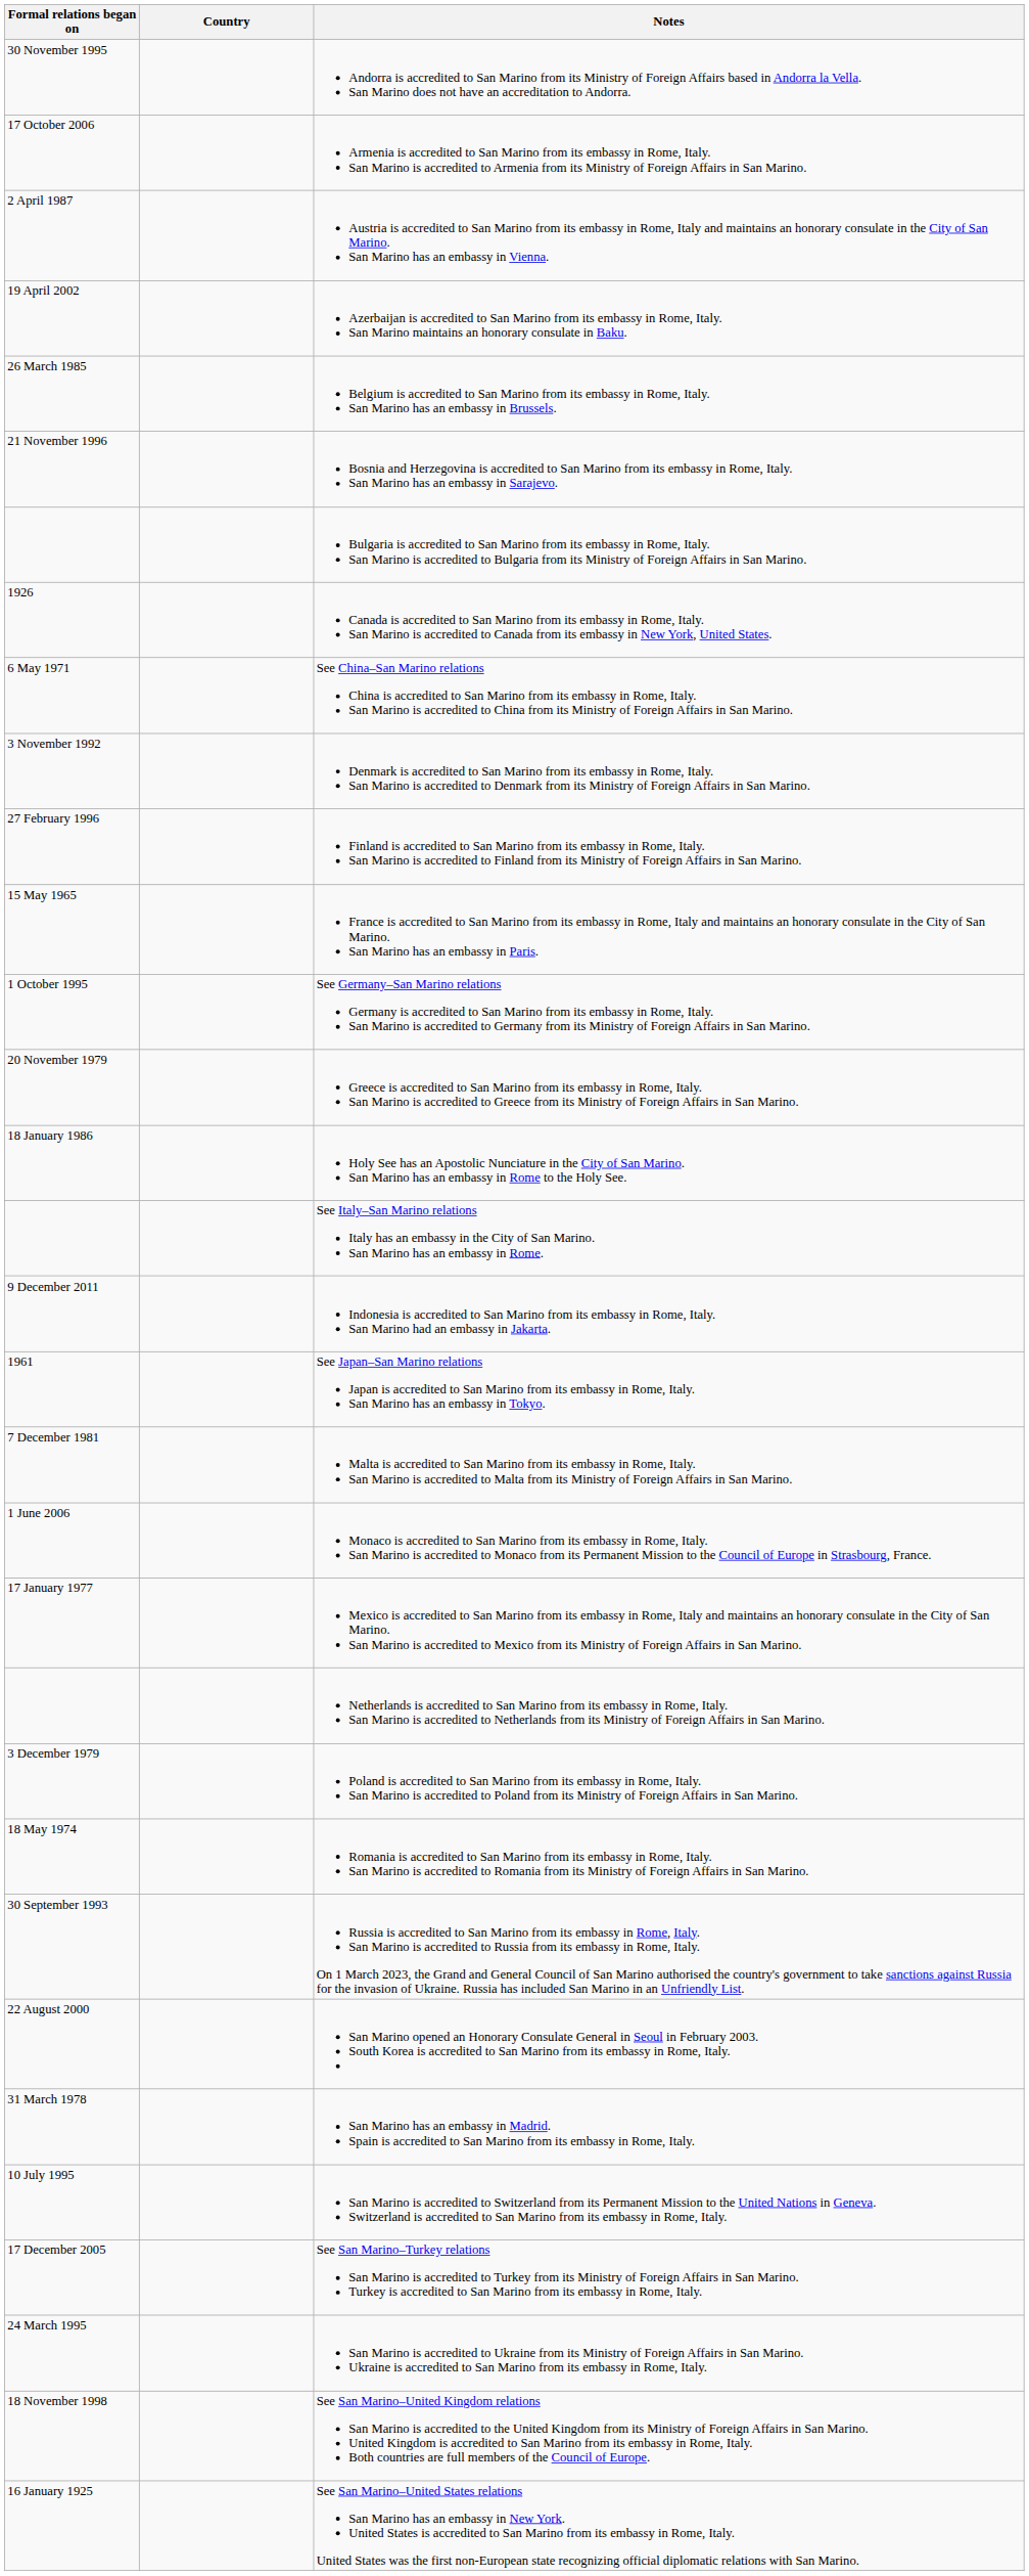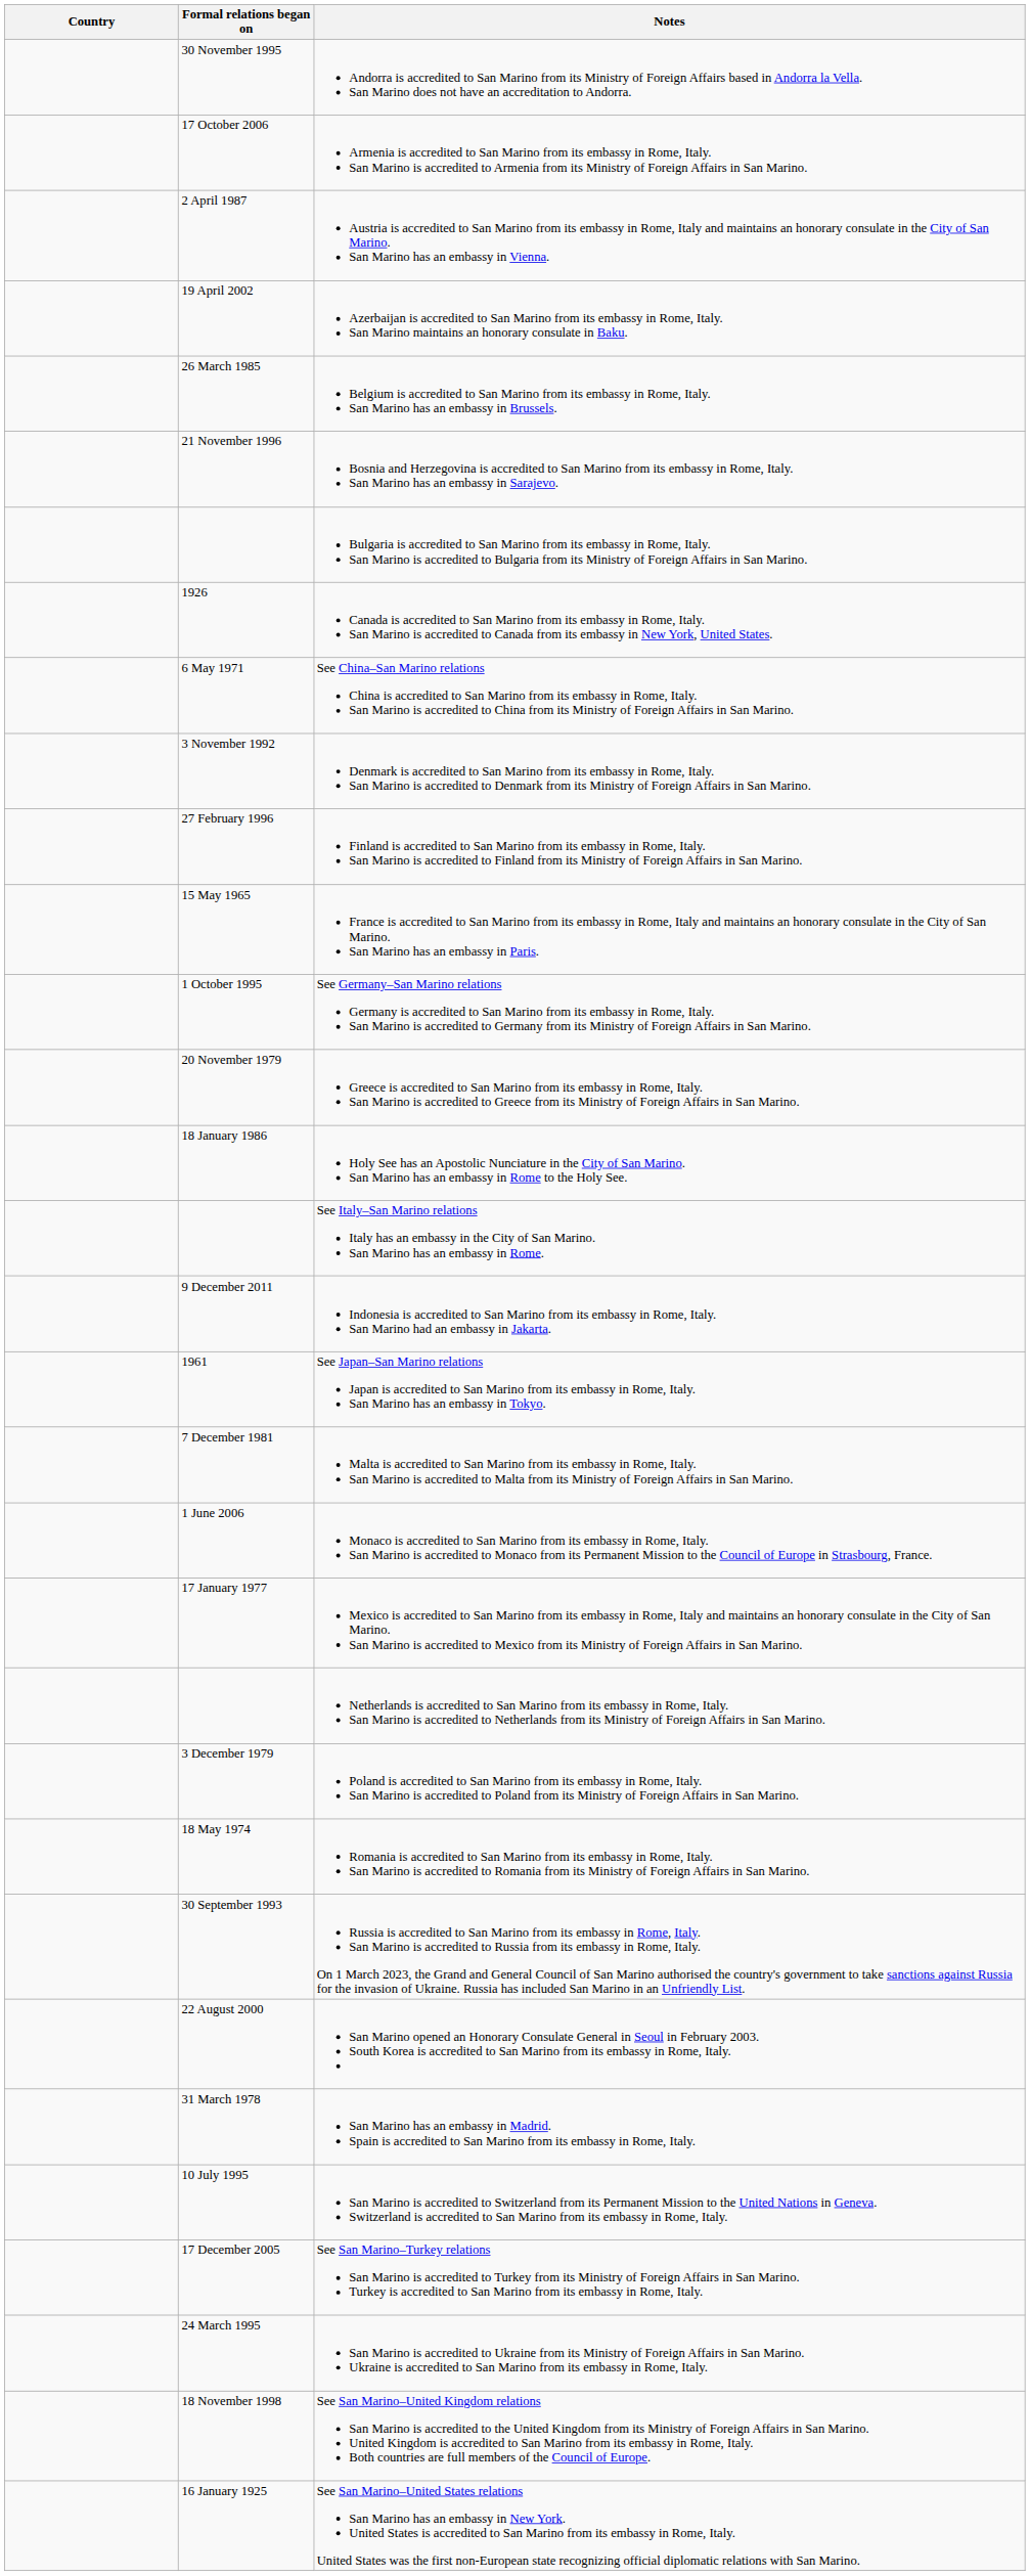 <table class="wikitable sortable" style="width:100%; margin:auto;">
 <tr>
+<th style="width:13em;">Country</th>
 <th style="width:10em;">Formal relations began on</th>
-<th style="width:13em;">Country</th>
 <th>Notes</th>
 </tr>
 <tr valign="top">
+<td></td>
 <td>30 November 1995</td>
-<td></td>
 <td><br><ul><li>Andorra is accredited to San Marino from its Ministry of Foreign Affairs based in <a href='#'>Andorra la Vella</a>.</li><li>San Marino does not have an accreditation to Andorra.</li></ul></td>
 </tr>
 <tr valign="top">
+<td></td>
 <td>17 October 2006</td>
-<td></td>
 <td><br><ul><li>Armenia is accredited to San Marino from its embassy in Rome, Italy.</li><li>San Marino is accredited to Armenia from its Ministry of Foreign Affairs in San Marino.</li></ul></td>
 </tr>
 <tr valign="top">
+<td></td>
 <td>2 April 1987</td>
-<td></td>
 <td><br><ul><li>Austria is accredited to San Marino from its embassy in Rome, Italy and maintains an honorary consulate in the <a href='#'>City of San Marino</a>.</li><li>San Marino has an embassy in <a href='#'>Vienna</a>.</li></ul></td>
 </tr>
 <tr valign="top">
+<td></td>
 <td>19 April 2002</td>
-<td></td>
 <td><br><ul><li>Azerbaijan is accredited to San Marino from its embassy in Rome, Italy.</li><li>San Marino maintains an honorary consulate in <a href='#'>Baku</a>.</li></ul></td>
 </tr>
 <tr valign="top">
+<td></td>
 <td>26 March 1985</td>
-<td></td>
 <td><br><ul><li>Belgium is accredited to San Marino from its embassy in Rome, Italy.</li><li>San Marino has an embassy in <a href='#'>Brussels</a>.</li></ul></td>
 </tr>
 <tr valign="top">
+<td></td>
 <td>21 November 1996</td>
-<td></td>
 <td><br><ul><li>Bosnia and Herzegovina is accredited to San Marino from its embassy in Rome, Italy.</li><li>San Marino has an embassy in <a href='#'>Sarajevo</a>.</li></ul></td>
 </tr>
 <tr valign="top">
 <td></td>
 <td></td>
 <td><br><ul><li>Bulgaria is accredited to San Marino from its embassy in Rome, Italy.</li><li>San Marino is accredited to Bulgaria from its Ministry of Foreign Affairs in San Marino.</li></ul></td>
 </tr>
 <tr valign="top">
+<td></td>
 <td>1926</td>
-<td></td>
 <td><br><ul><li>Canada is accredited to San Marino from its embassy in Rome, Italy.</li><li>San Marino is accredited to Canada from its embassy in <a href='#'>New York</a>, <a href='#'>United States</a>.</li></ul></td>
 </tr>
 <tr valign="top">
+<td></td>
 <td>6 May 1971</td>
-<td></td>
 <td>See <a href='#'>China–San Marino relations</a><br><ul><li>China is accredited to San Marino from its embassy in Rome, Italy.</li><li>San Marino is accredited to China from its Ministry of Foreign Affairs in San Marino.</li></ul></td>
 </tr>
 <tr valign="top">
+<td></td>
 <td>3 November 1992</td>
-<td></td>
 <td><br><ul><li>Denmark is accredited to San Marino from its embassy in Rome, Italy.</li><li>San Marino is accredited to Denmark from its Ministry of Foreign Affairs in San Marino.</li></ul></td>
 </tr>
 <tr valign="top">
+<td></td>
 <td>27 February 1996</td>
-<td></td>
 <td><br><ul><li>Finland is accredited to San Marino from its embassy in Rome, Italy.</li><li>San Marino is accredited to Finland from its Ministry of Foreign Affairs in San Marino.</li></ul></td>
 </tr>
 <tr valign="top">
+<td></td>
 <td>15 May 1965</td>
-<td></td>
 <td><br><ul><li>France is accredited to San Marino from its embassy in Rome, Italy and maintains an honorary consulate in the City of San Marino.</li><li>San Marino has an embassy in <a href='#'>Paris</a>.</li></ul></td>
 </tr>
 <tr valign="top">
+<td></td>
 <td>1 October 1995</td>
-<td></td>
 <td>See <a href='#'>Germany–San Marino relations</a><br><ul><li>Germany is accredited to San Marino from its embassy in Rome, Italy.</li><li>San Marino is accredited to Germany from its Ministry of Foreign Affairs in San Marino.</li></ul></td>
 </tr>
 <tr valign="top">
+<td></td>
 <td>20 November 1979</td>
-<td></td>
 <td><br><ul><li>Greece is accredited to San Marino from its embassy in Rome, Italy.</li><li>San Marino is accredited to Greece from its Ministry of Foreign Affairs in San Marino.</li></ul></td>
 </tr>
 <tr valign="top">
+<td></td>
 <td>18 January 1986</td>
-<td></td>
 <td><br><ul><li>Holy See has an Apostolic Nunciature in the <a href='#'>City of San Marino</a>.</li><li>San Marino has an embassy in <a href='#'>Rome</a> to the Holy See.</li></ul></td>
 </tr>
 <tr valign="top">
 <td></td>
 <td></td>
 <td>See <a href='#'>Italy–San Marino relations</a><br><ul><li>Italy has an embassy in the City of San Marino.</li><li>San Marino has an embassy in <a href='#'>Rome</a>.</li></ul></td>
 </tr>
 <tr valign="top">
+<td></td>
 <td>9 December 2011</td>
-<td></td>
 <td><br><ul><li>Indonesia is accredited to San Marino from its embassy in Rome, Italy.</li><li>San Marino had an embassy in <a href='#'>Jakarta</a>.</li></ul></td>
 </tr>
 <tr valign="top">
+<td></td>
 <td>1961</td>
-<td></td>
 <td>See <a href='#'>Japan–San Marino relations</a><br><ul><li>Japan is accredited to San Marino from its embassy in Rome, Italy.</li><li>San Marino has an embassy in <a href='#'>Tokyo</a>.</li></ul></td>
 </tr>
 <tr valign="top">
+<td></td>
 <td>7 December 1981</td>
-<td></td>
 <td><br><ul><li>Malta is accredited to San Marino from its embassy in Rome, Italy.</li><li>San Marino is accredited to Malta from its Ministry of Foreign Affairs in San Marino.</li></ul></td>
 </tr>
 <tr valign="top">
+<td></td>
 <td>1 June 2006</td>
-<td></td>
 <td><br><ul><li>Monaco is accredited to San Marino from its embassy in Rome, Italy.</li><li>San Marino is accredited to Monaco from its Permanent Mission to the <a href='#'>Council of Europe</a> in <a href='#'>Strasbourg</a>, France.</li></ul></td>
 </tr>
 <tr valign="top">
+<td></td>
 <td>17 January 1977</td>
-<td></td>
 <td><br><ul><li>Mexico is accredited to San Marino from its embassy in Rome, Italy and maintains an honorary consulate in the City of San Marino.</li><li>San Marino is accredited to Mexico from its Ministry of Foreign Affairs in San Marino.</li></ul></td>
 </tr>
 <tr valign="top">
 <td></td>
 <td></td>
 <td><br><ul><li>Netherlands is accredited to San Marino from its embassy in Rome, Italy.</li><li>San Marino is accredited to Netherlands from its Ministry of Foreign Affairs in San Marino.</li></ul></td>
 </tr>
 <tr valign="top">
+<td></td>
 <td>3 December 1979</td>
-<td></td>
 <td><br><ul><li>Poland is accredited to San Marino from its embassy in Rome, Italy.</li><li>San Marino is accredited to Poland from its Ministry of Foreign Affairs in San Marino.</li></ul></td>
 </tr>
 <tr valign="top">
+<td></td>
 <td>18 May 1974</td>
-<td></td>
 <td><br><ul><li>Romania is accredited to San Marino from its embassy in Rome, Italy.</li><li>San Marino is accredited to Romania from its Ministry of Foreign Affairs in San Marino.</li></ul></td>
 </tr>
 <tr valign="top">
+<td></td>
 <td>30 September 1993</td>
-<td></td>
 <td><br><ul><li>Russia is accredited to San Marino from its embassy in <a href='#'>Rome</a>, <a href='#'>Italy</a>.</li><li>San Marino is accredited to Russia from its embassy in Rome, Italy.</li></ul>On 1 March 2023, the Grand and General Council of San Marino authorised the country's government to take <a href='#'>sanctions against Russia</a> for the invasion of Ukraine. Russia has included San Marino in an <a href='#'>Unfriendly List</a>.</td>
 </tr>
 <tr valign="top">
+<td></td>
 <td>22 August 2000</td>
-<td></td>
 <td><br><ul><li>San Marino opened an Honorary Consulate General in <a href='#'>Seoul</a> in February 2003.</li><li>South Korea is accredited to San Marino from its embassy in Rome, Italy.</li><li></li></ul></td>
 </tr>
 <tr valign="top">
+<td></td>
 <td>31 March 1978</td>
-<td></td>
 <td><br><ul><li>San Marino has an embassy in <a href='#'>Madrid</a>.</li><li>Spain is accredited to San Marino from its embassy in Rome, Italy.</li></ul></td>
 </tr>
 <tr valign="top">
+<td></td>
 <td>10 July 1995</td>
-<td></td>
 <td><br><ul><li>San Marino is accredited to Switzerland from its Permanent Mission to the <a href='#'>United Nations</a> in <a href='#'>Geneva</a>.</li><li>Switzerland is accredited to San Marino from its embassy in Rome, Italy.</li></ul></td>
 </tr>
 <tr valign="top">
+<td></td>
 <td>17 December 2005</td>
-<td></td>
 <td>See <a href='#'>San Marino–Turkey relations</a><br><ul><li>San Marino is accredited to Turkey from its Ministry of Foreign Affairs in San Marino.</li><li>Turkey is accredited to San Marino from its embassy in Rome, Italy.</li></ul></td>
 </tr>
 <tr valign="top">
+<td></td>
 <td>24 March 1995</td>
-<td></td>
 <td><br><ul><li>San Marino is accredited to Ukraine from its Ministry of Foreign Affairs in San Marino.</li><li>Ukraine is accredited to San Marino from its embassy in Rome, Italy.</li></ul></td>
 </tr>
 <tr valign="top">
+<td></td>
 <td>18 November 1998</td>
-<td></td>
 <td>See <a href='#'>San Marino–United Kingdom relations</a><br><ul><li>San Marino is accredited to the United Kingdom from its Ministry of Foreign Affairs in San Marino.</li><li>United Kingdom is accredited to San Marino from its embassy in Rome, Italy.</li><li>Both countries are full members of the <a href='#'>Council of Europe</a>.</li></ul></td>
 </tr>
 <tr valign="top">
+<td></td>
 <td>16 January 1925</td>
-<td></td>
 <td>See <a href='#'>San Marino–United States relations</a><br><ul><li>San Marino has an embassy in <a href='#'>New York</a>.</li><li>United States is accredited to San Marino from its embassy in Rome, Italy.</li></ul>United States was the first non-European state recognizing official diplomatic relations with San Marino.</td>
 </tr>
 </table>
